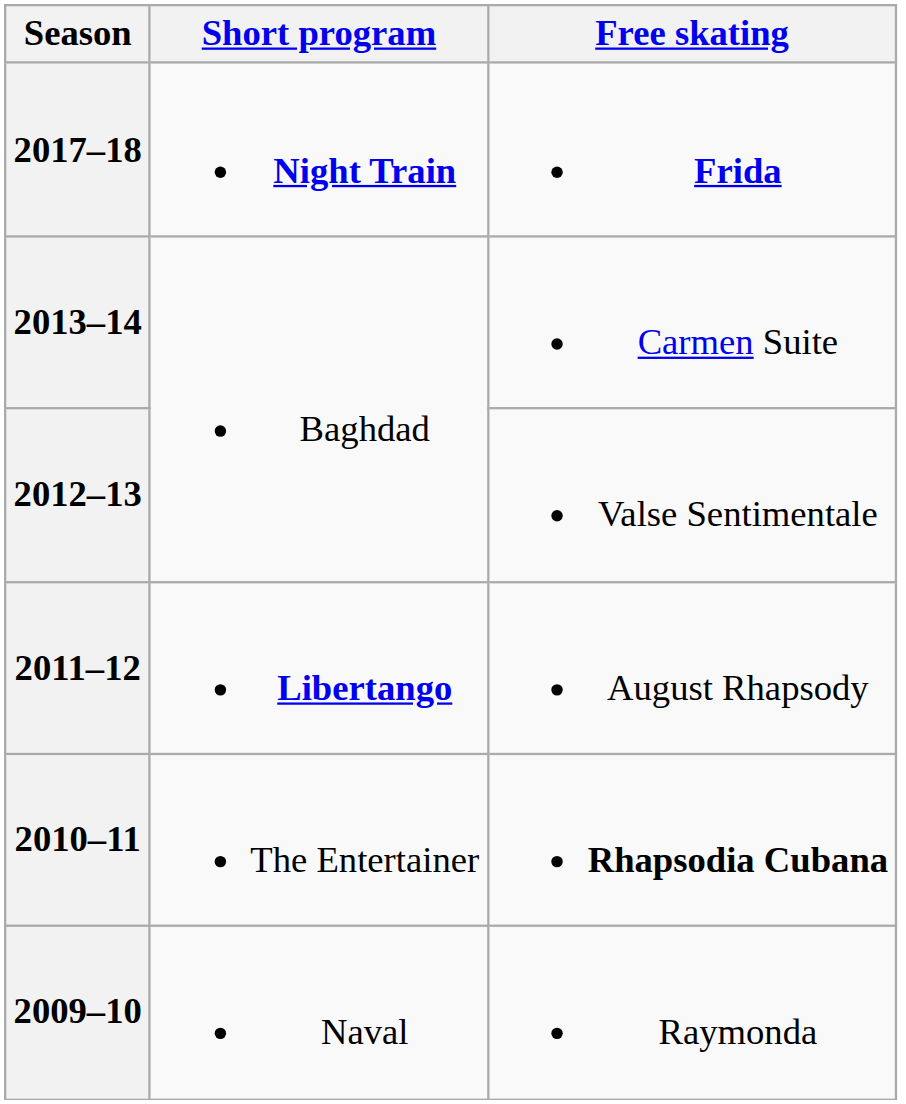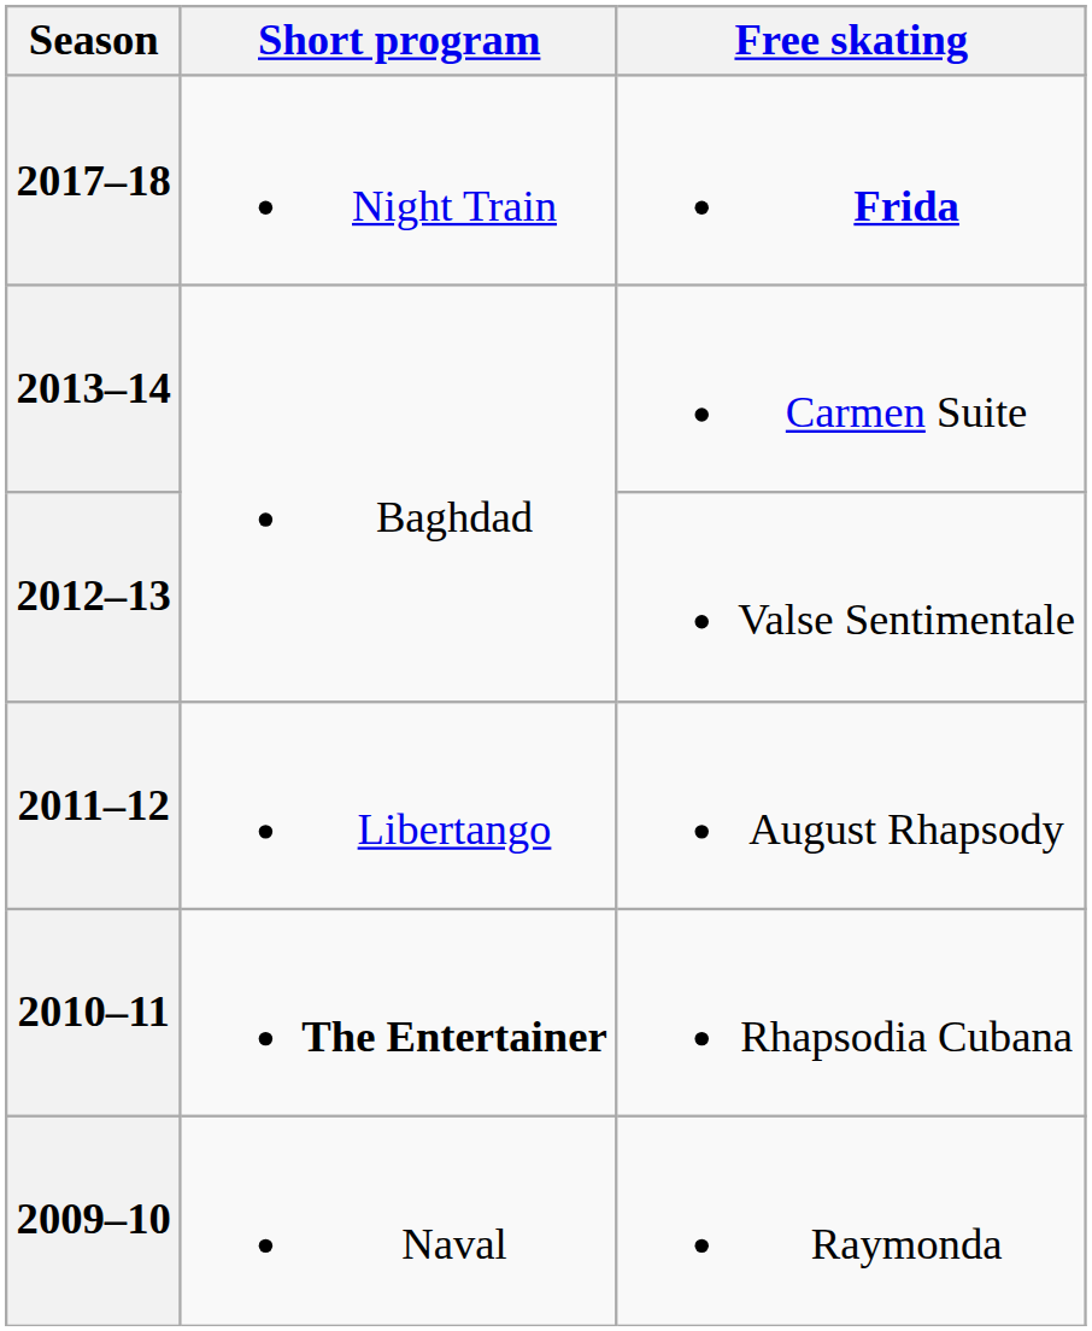 <table class=wikitable style=text-align:center>
 <tr>
 <th>Season</th>
 <th><a href='#'>Short program</a></th>
 <th><a href='#'>Free skating</a></th>
 </tr>
 <tr>
 <th>2017–18</th>
-<td><strong><br><ul><li><a href='#'>Night Train</a> <br></li></ul></strong></td>
+<td><br><ul><li><a href='#'>Night Train</a> <br></li></ul></td>
 <td><strong><br><ul><li><a href='#'>Frida</a> <br></li></ul></strong></td>
 </tr>
 <tr>
 <th>2013–14 <br> </th>
 <td rowspan=2><br><ul><li>Baghdad <br></li></ul></td>
 <td><br><ul><li><a href='#'>Carmen</a> Suite <br></li></ul></td>
 </tr>
 <tr>
 <th>2012–13 <br> </th>
 <td><br><ul><li>Valse Sentimentale <br></li></ul></td>
 </tr>
 <tr>
 <th>2011–12 <br> </th>
-<td><strong><br><ul><li><a href='#'>Libertango</a> <br></li></ul></strong></td>
+<td><br><ul><li><a href='#'>Libertango</a> <br></li></ul></td>
 <td><br><ul><li>August Rhapsody <br></li></ul></td>
 </tr>
 <tr>
 <th>2010–11 <br> </th>
-<td><br><ul><li>The Entertainer <br></li></ul></td>
-<td><strong><br><ul><li>Rhapsodia Cubana <br></li></ul></strong></td>
+<td><strong><br><ul><li>The Entertainer <br></li></ul></strong></td>
+<td><br><ul><li>Rhapsodia Cubana <br></li></ul></td>
 </tr>
 <tr>
 <th>2009–10 <br> </th>
 <td><br><ul><li>Naval <br></li></ul></td>
 <td><br><ul><li>Raymonda <br></li></ul></td>
 </tr>
 </table>
